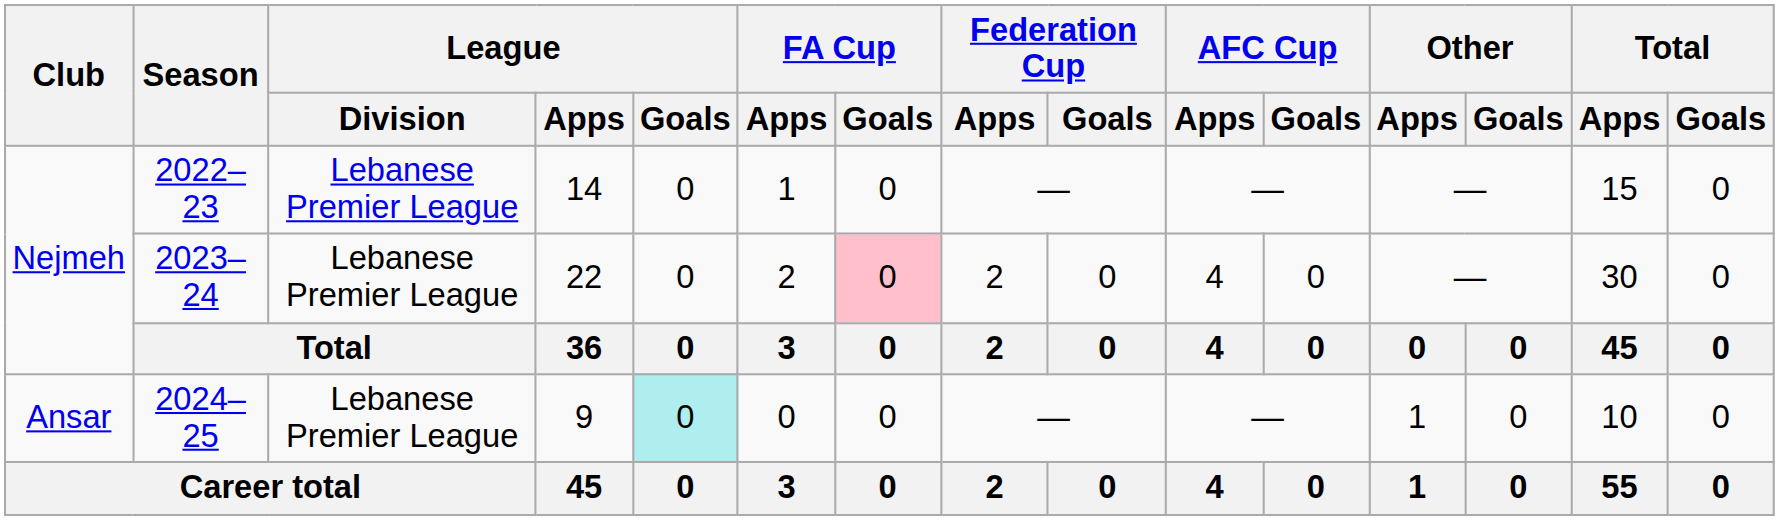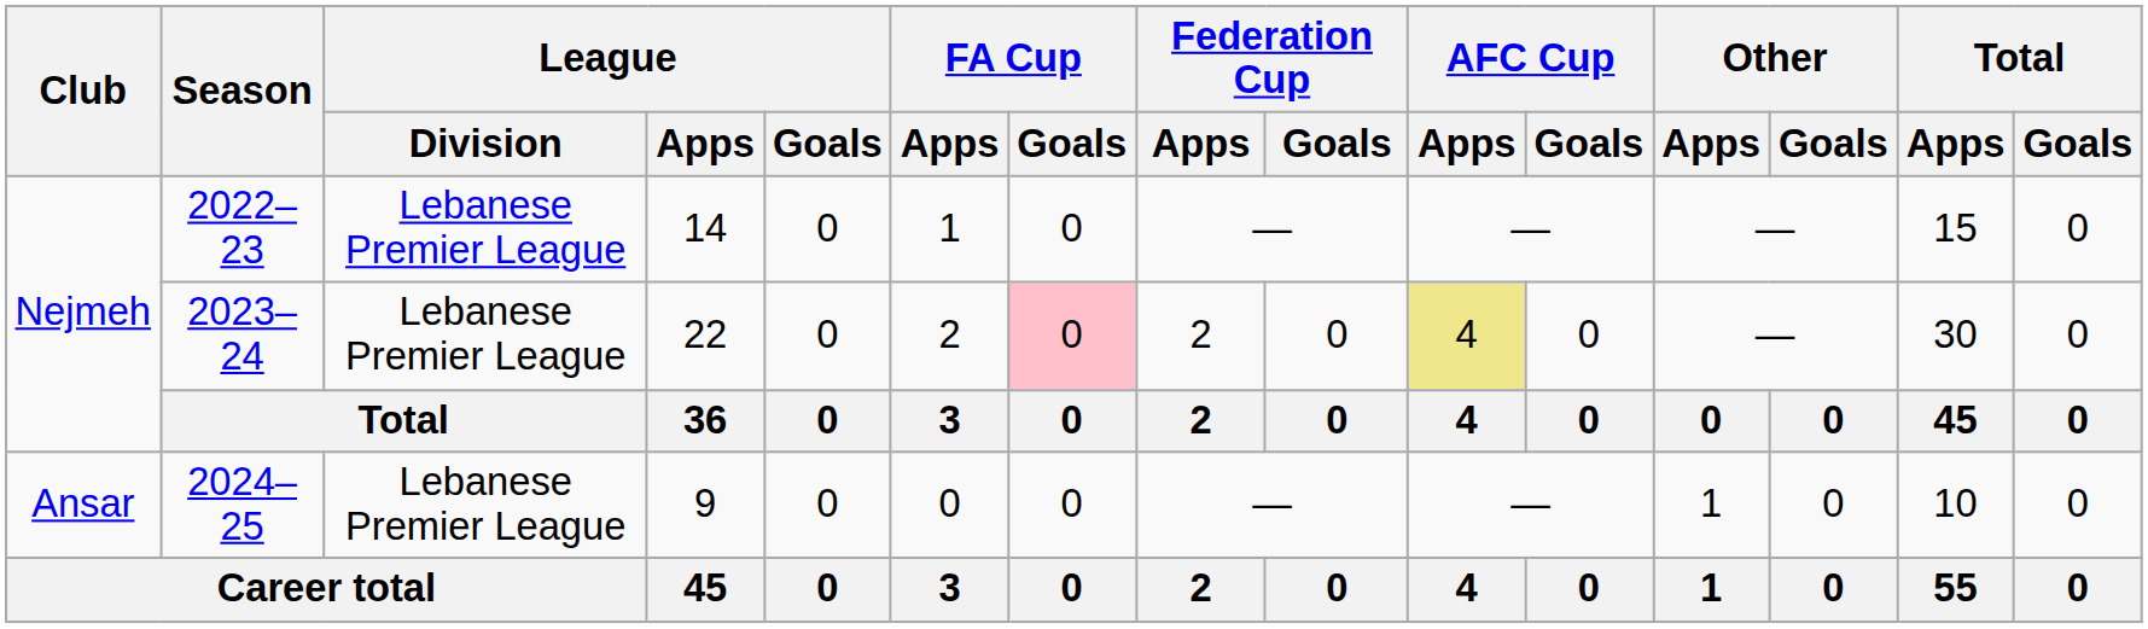 <table class="wikitable" style="text-align:center">
 <tr>
 <th rowspan="2">Club</th>
 <th rowspan="2">Season</th>
 <th colspan="3">League</th>
 <th colspan="2"><a href='#'>FA Cup</a></th>
 <th colspan="2"><a href='#'>Federation Cup</a></th>
 <th colspan="2"><a href='#'>AFC Cup</a></th>
 <th colspan="2">Other</th>
 <th colspan="2">Total</th>
 </tr>
 <tr>
 <th>Division</th>
 <th>Apps</th>
 <th>Goals</th>
 <th>Apps</th>
 <th>Goals</th>
 <th>Apps</th>
 <th>Goals</th>
 <th>Apps</th>
 <th>Goals</th>
 <th>Apps</th>
 <th>Goals</th>
 <th>Apps</th>
 <th>Goals</th>
 </tr>
 <tr>
 <td rowspan="3"><a href='#'>Nejmeh</a></td>
 <td><a href='#'>2022–23</a></td>
 <td><a href='#'>Lebanese Premier League</a></td>
 <td>14</td>
 <td>0</td>
 <td>1</td>
 <td>0</td>
 <td colspan="2">—</td>
 <td colspan="2">—</td>
 <td colspan="2">—</td>
 <td>15</td>
 <td>0</td>
 </tr>
 <tr>
 <td><a href='#'>2023–24</a></td>
 <td>Lebanese Premier League</td>
 <td>22</td>
 <td>0</td>
 <td>2</td>
 <td style="background: pink;">0</td>
 <td>2</td>
 <td>0</td>
-<td>4</td>
+<td style="background: khaki;">4</td>
 <td>0</td>
 <td colspan="2">—</td>
 <td>30</td>
 <td>0</td>
 </tr>
 <tr>
 <th colspan="2">Total</th>
 <th>36</th>
 <th>0</th>
 <th>3</th>
 <th>0</th>
 <th>2</th>
 <th>0</th>
 <th>4</th>
 <th>0</th>
 <th>0</th>
 <th>0</th>
 <th>45</th>
 <th>0</th>
 </tr>
 <tr>
 <td><a href='#'>Ansar</a></td>
 <td><a href='#'>2024–25</a></td>
 <td>Lebanese Premier League</td>
 <td>9</td>
-<td style="background: paleturquoise;">0</td>
+<td>0</td>
 <td>0</td>
 <td>0</td>
 <td colspan="2">—</td>
 <td colspan="2">—</td>
 <td>1</td>
 <td>0</td>
 <td>10</td>
 <td>0</td>
 </tr>
 <tr>
 <th colspan="3">Career total</th>
 <th>45</th>
 <th>0</th>
 <th>3</th>
 <th>0</th>
 <th>2</th>
 <th>0</th>
 <th>4</th>
 <th>0</th>
 <th>1</th>
 <th>0</th>
 <th>55</th>
 <th>0</th>
 </tr>
 </table>
